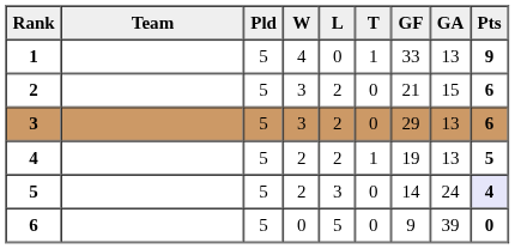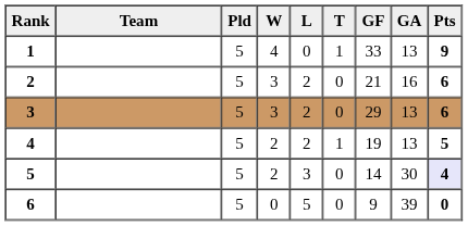 <table border=1 cellpadding=5 cellspacing=0>
 <tr>
 <th bgcolor="#efefef" width="20">Rank</th>
 <th bgcolor="#efefef" width="150">Team</th>
 <th bgcolor="#efefef" width="20">Pld</th>
 <th bgcolor="#efefef" width="20">W</th>
 <th bgcolor="#efefef" width="20">L</th>
 <th bgcolor="#efefef" width="20">T</th>
 <th bgcolor="#efefef" width="20">GF</th>
 <th bgcolor="#efefef" width="20">GA</th>
 <th bgcolor="#efefef" width="20">Pts</th>
 </tr>
 <tr align=center>
 <td><strong>1</strong></td>
 <td align=left></td>
 <td>5</td>
 <td>4</td>
 <td>0</td>
 <td>1</td>
 <td>33</td>
 <td>13</td>
 <td><strong>9</strong></td>
 </tr>
 <tr align=center>
 <td><strong>2</strong></td>
 <td align=left></td>
 <td>5</td>
 <td>3</td>
 <td>2</td>
 <td>0</td>
 <td>21</td>
-<td>15</td>
+<td>16</td>
 <td><strong>6</strong></td>
 </tr>
 <tr align=center bgcolor="#cc9966">
 <td><strong>3</strong></td>
 <td align=left> </td>
 <td>5</td>
 <td>3</td>
 <td>2</td>
 <td>0</td>
 <td>29</td>
 <td>13</td>
 <td><strong>6</strong></td>
 </tr>
 <tr align=center>
 <td><strong>4</strong></td>
 <td align=left></td>
 <td>5</td>
 <td>2</td>
 <td>2</td>
 <td>1</td>
 <td>19</td>
 <td>13</td>
 <td><strong>5</strong></td>
 </tr>
 <tr align=center>
 <td><strong>5</strong></td>
 <td align=left></td>
 <td>5</td>
 <td>2</td>
 <td>3</td>
 <td>0</td>
 <td>14</td>
-<td>24</td>
+<td>30</td>
 <td style="background: lavender;"><strong>4</strong></td>
 </tr>
 <tr align=center>
 <td><strong>6</strong></td>
 <td align=left></td>
 <td>5</td>
 <td>0</td>
 <td>5</td>
 <td>0</td>
 <td>9</td>
 <td>39</td>
 <td><strong>0</strong></td>
 </tr>
 </table>
